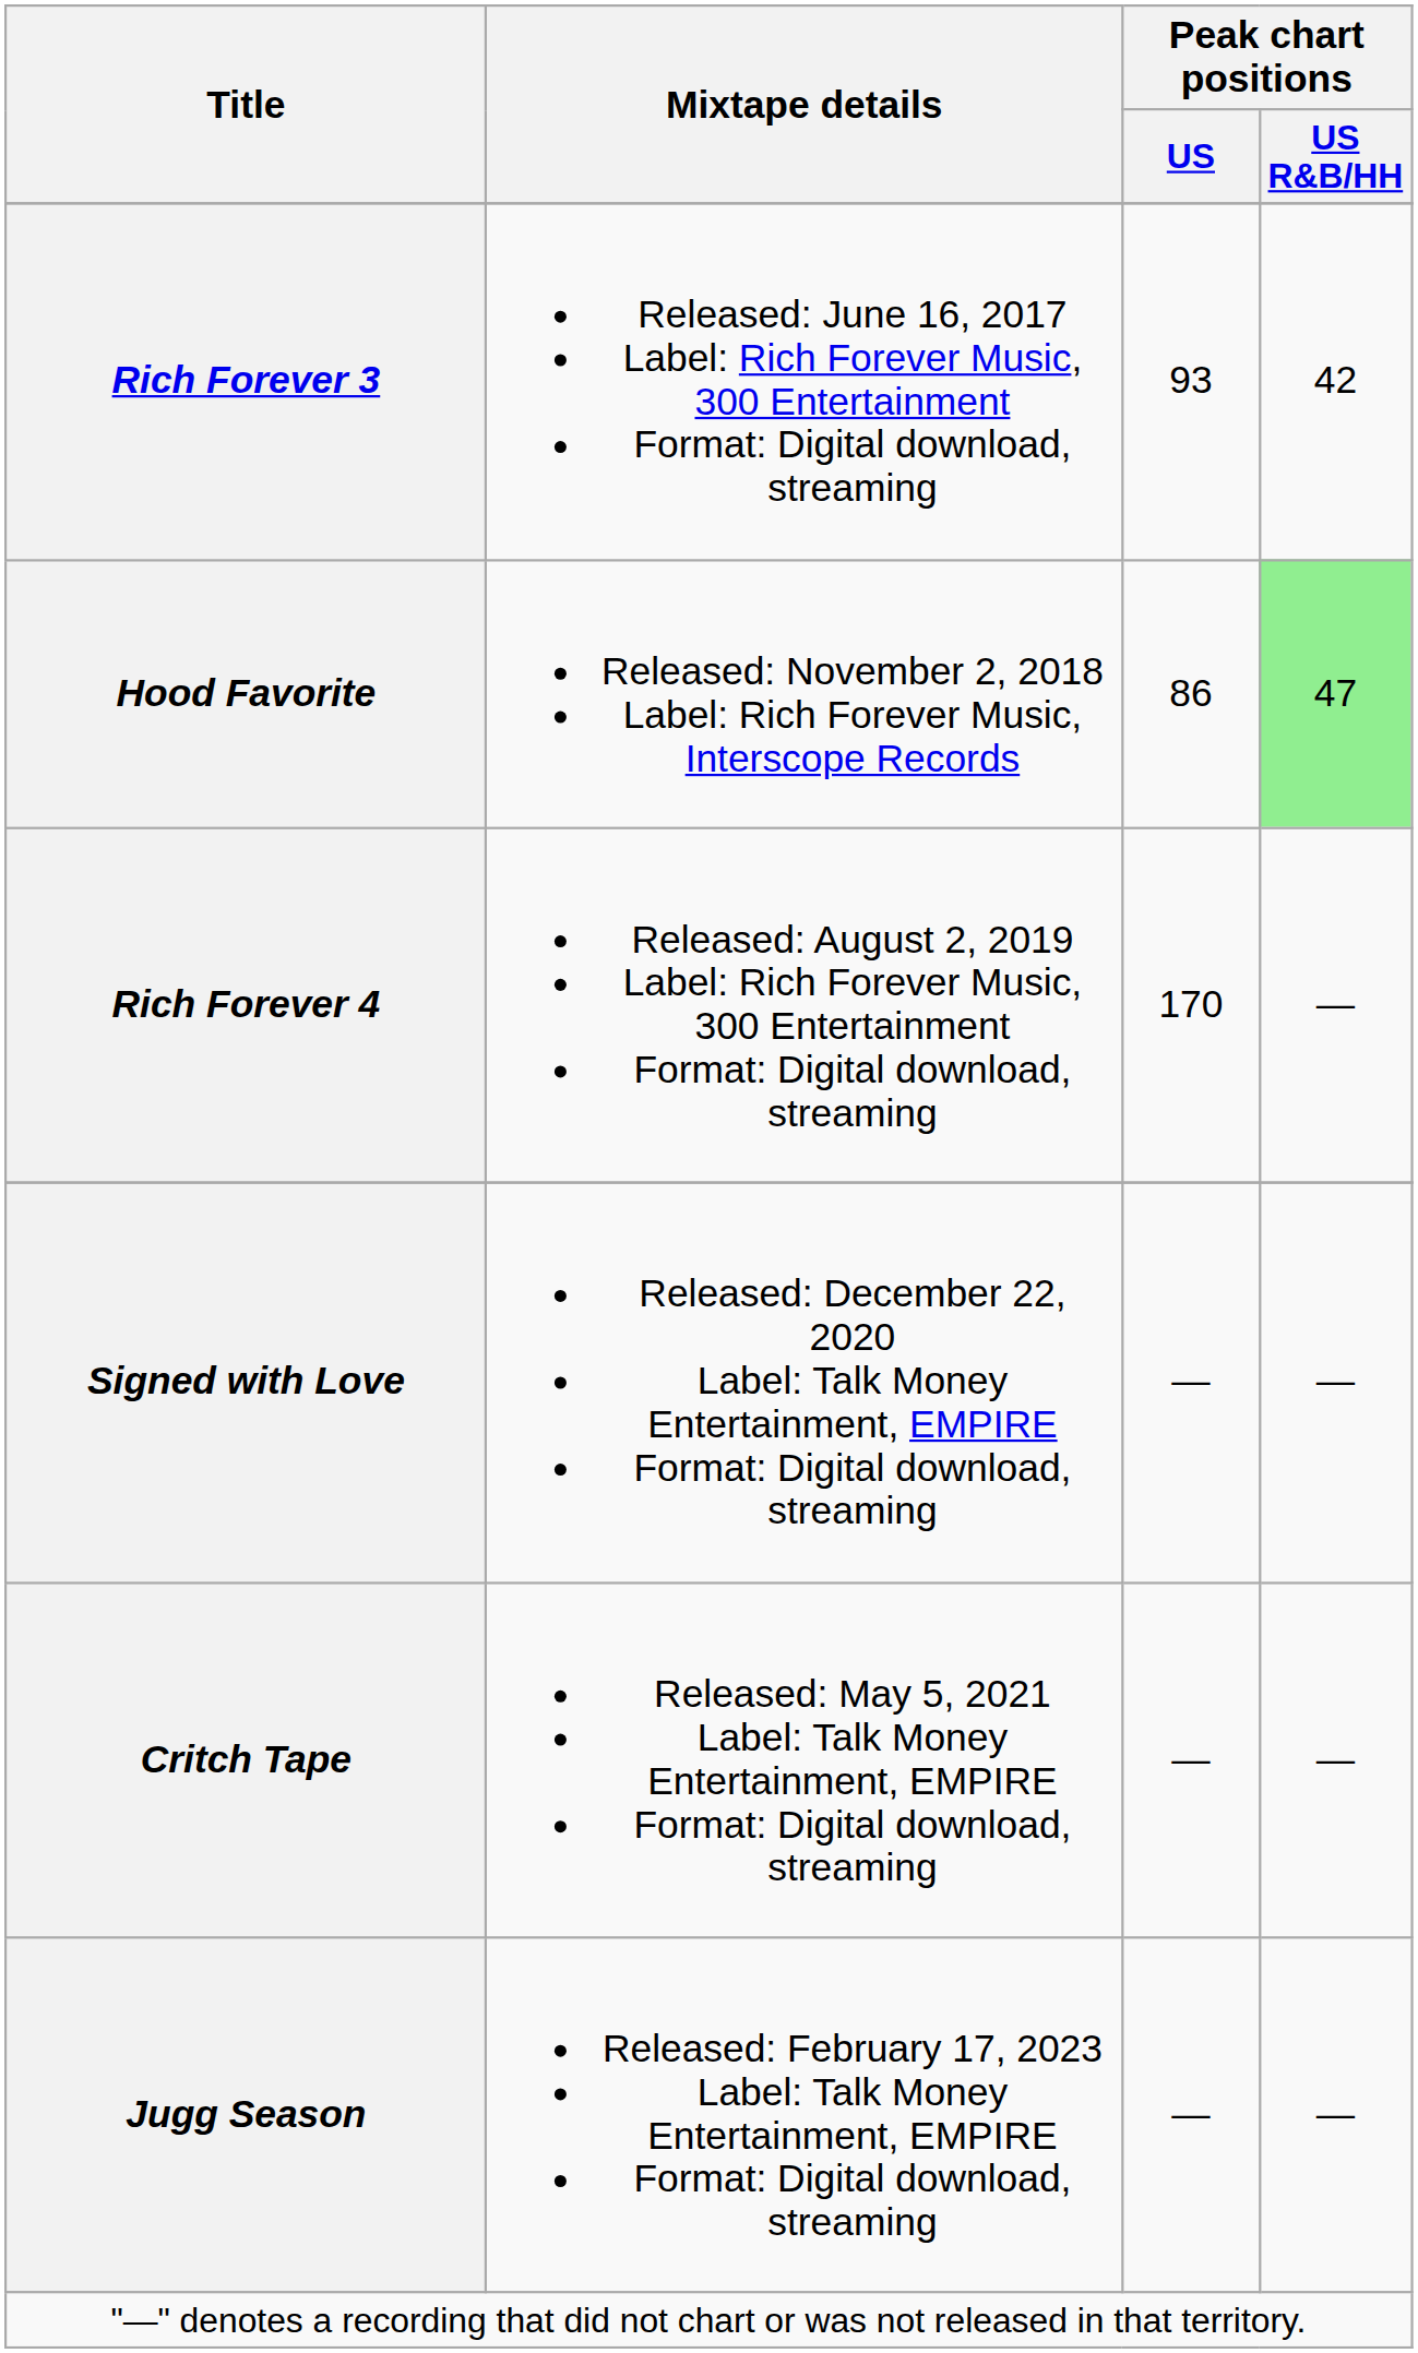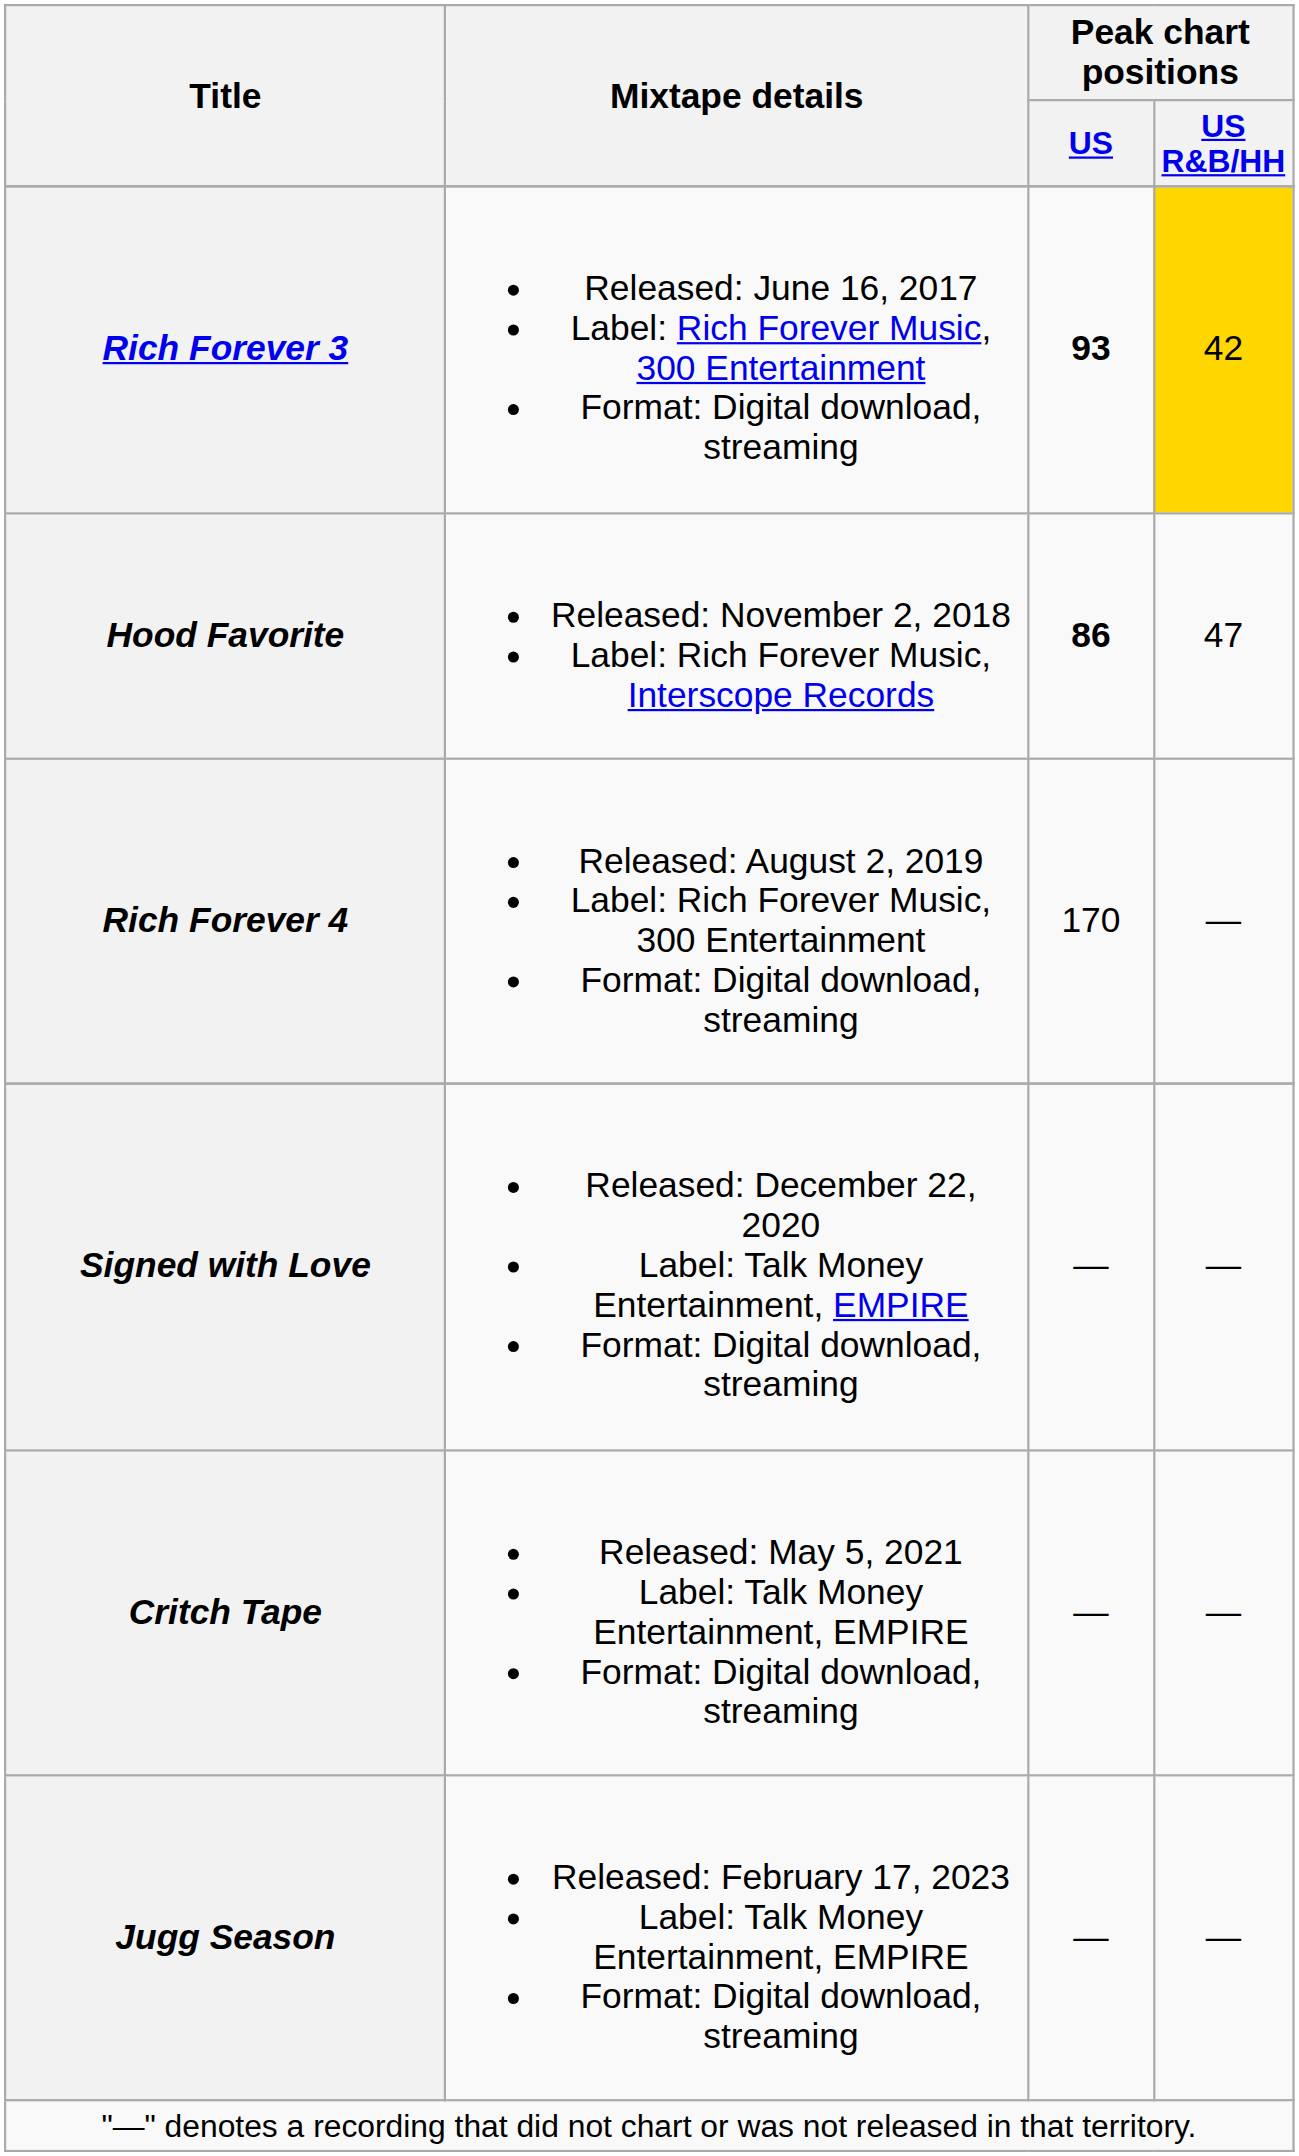 <table class="wikitable plainrowheaders" style="text-align:center;">
 <tr>
 <th rowspan="2" scope="col" style="width:12em;">Title</th>
 <th rowspan="2" scope="col" style="width:16em;">Mixtape details</th>
 <th colspan="2" scope="col">Peak chart positions</th>
 </tr>
 <tr>
 <th style="width:3.5em; font-size:90%"><a href='#'>US</a><br></th>
 <th style="width:3.5em; font-size:90%"><a href='#'>US<br>R&B/HH</a><br></th>
 </tr>
 <tr>
 </tr>
 <tr>
 <th scope="row"><em><a href='#'>Rich Forever 3</a></em><br></th>
 <td><br><ul><li>Released: June 16, 2017</li><li>Label: <a href='#'>Rich Forever Music</a>, <a href='#'>300 Entertainment</a></li><li>Format: Digital download, streaming</li></ul></td>
-<td>93</td>
-<td>42</td>
+<td><strong>93</strong></td>
+<td style="background: gold;">42</td>
 </tr>
 <tr>
 <th scope="row"><em>Hood Favorite</em></th>
 <td><br><ul><li>Released: November 2, 2018</li><li>Label: Rich Forever Music, <a href='#'>Interscope Records</a></li></ul></td>
-<td>86</td>
-<td style="background: lightgreen;">47</td>
+<td><strong>86</strong></td>
+<td>47</td>
 </tr>
 <tr>
 <th scope="row"><em>Rich Forever 4</em><br></th>
 <td><br><ul><li>Released: August 2, 2019</li><li>Label: Rich Forever Music, 300 Entertainment</li><li>Format: Digital download, streaming</li></ul></td>
 <td>170</td>
 <td>—</td>
 </tr>
 <tr>
 </tr>
 <tr>
 <th scope="row"><em>Signed with Love</em></th>
 <td><br><ul><li>Released: December 22, 2020</li><li>Label: Talk Money Entertainment, <a href='#'>EMPIRE</a></li><li>Format: Digital download, streaming</li></ul></td>
 <td>—</td>
 <td>—</td>
 </tr>
 <tr>
 <th scope="row"><em>Critch Tape</em></th>
 <td><br><ul><li>Released: May 5, 2021</li><li>Label: Talk Money Entertainment, EMPIRE</li><li>Format: Digital download, streaming</li></ul></td>
 <td>—</td>
 <td>—</td>
 </tr>
 <tr>
 <th scope="row"><em>Jugg Season</em></th>
 <td><br><ul><li>Released: February 17, 2023</li><li>Label: Talk Money Entertainment, EMPIRE</li><li>Format: Digital download, streaming</li></ul></td>
 <td>—</td>
 <td>—</td>
 </tr>
 <tr>
 <td colspan="13" style="font-size:90%">"—" denotes a recording that did not chart or was not released in that territory.</td>
 </tr>
 </table>
